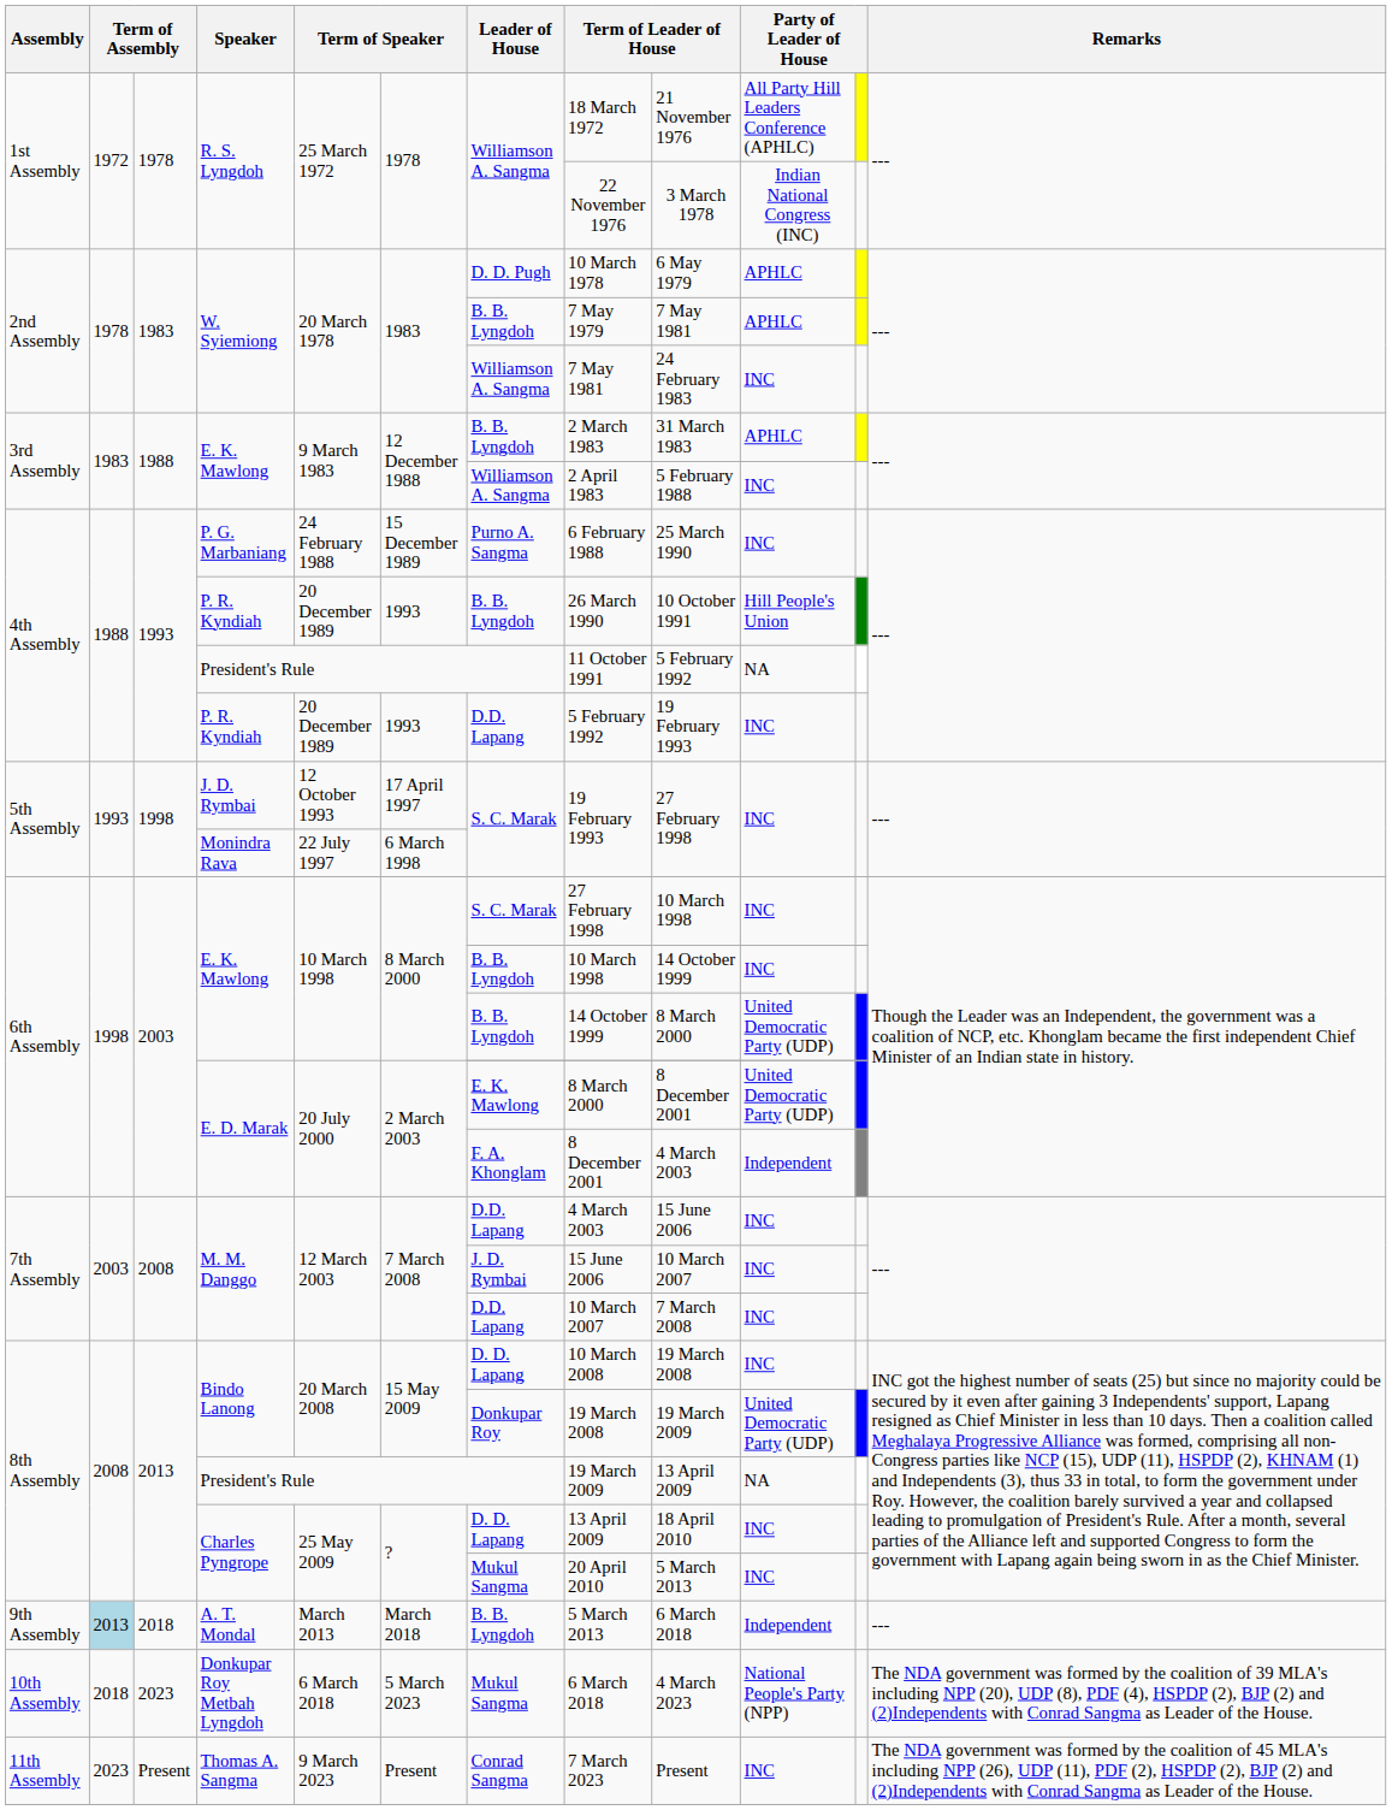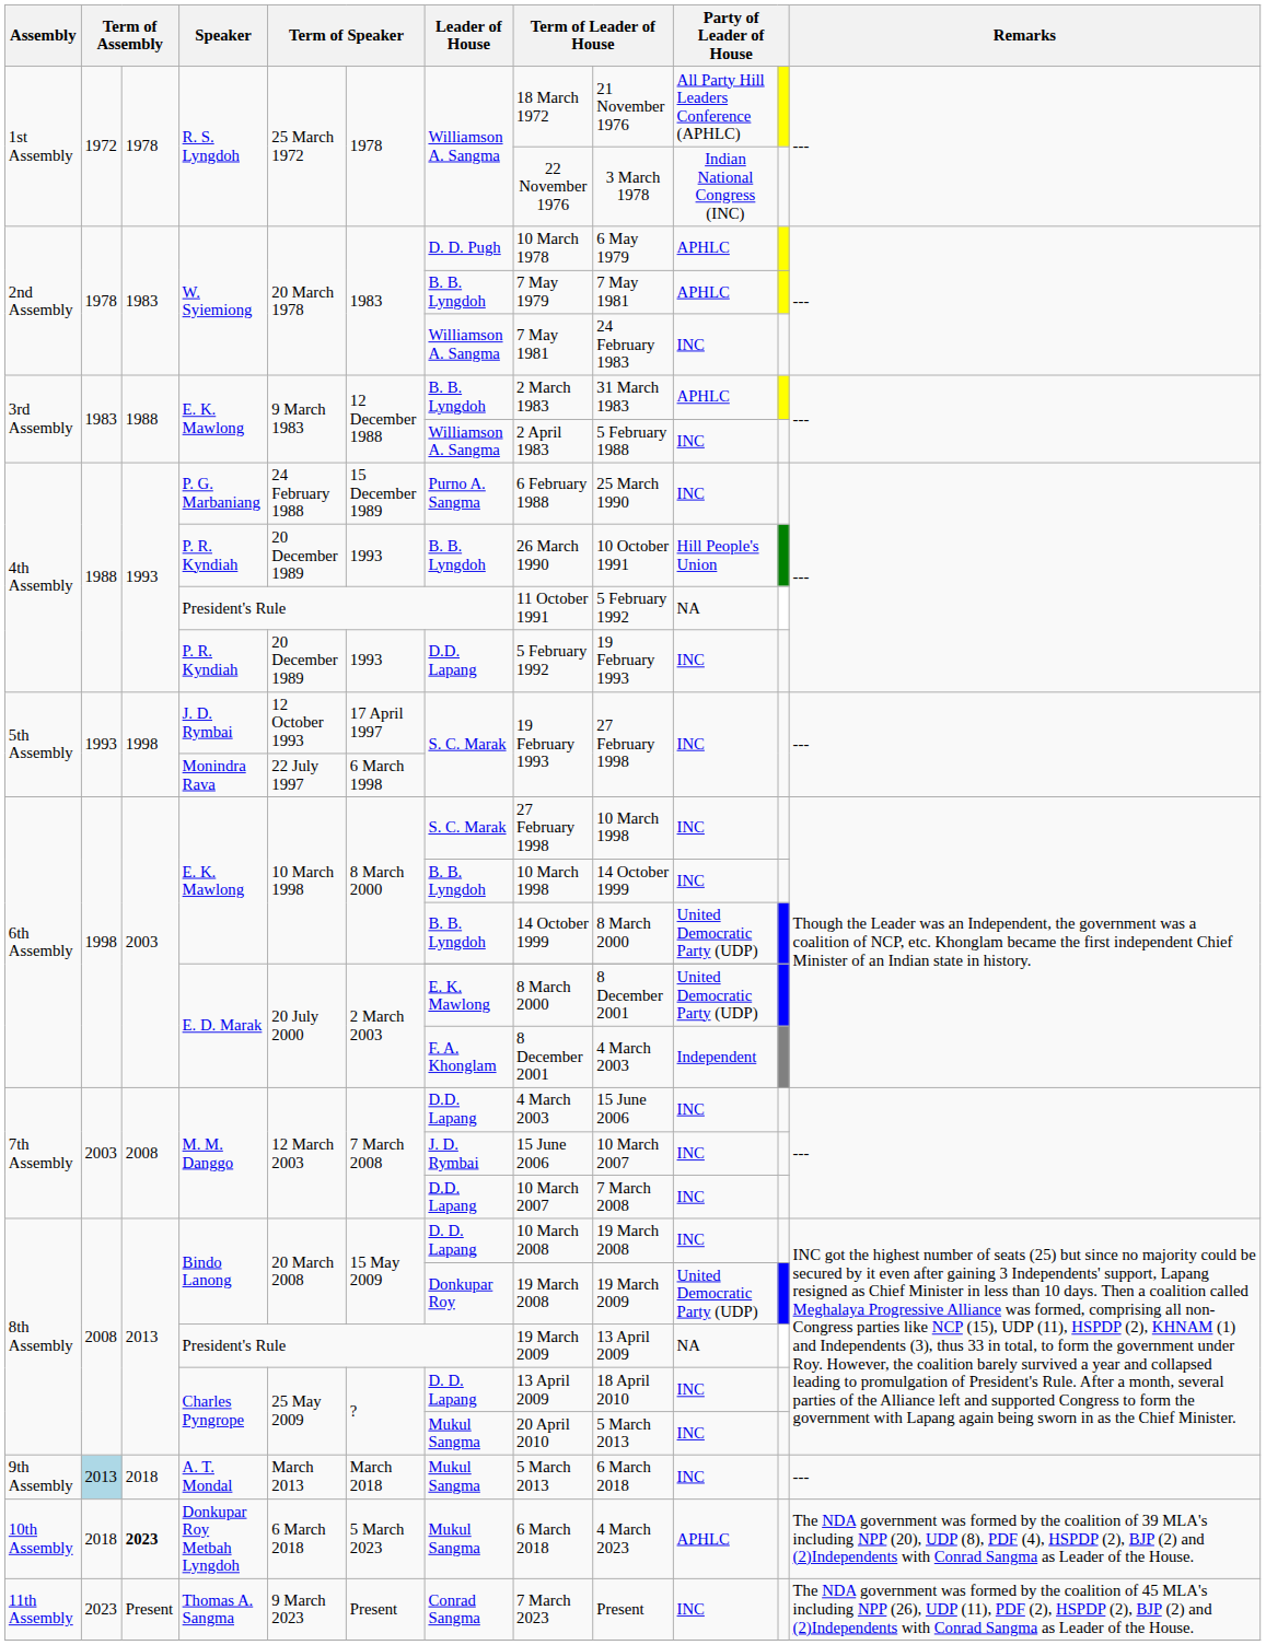 <table class="wikitable">
 <tr>
 <th>Assembly</th>
 <th colspan=2 align=center>Term of Assembly</th>
 <th>Speaker</th>
 <th colspan=2 align=center>Term of Speaker</th>
 <th>Leader of House <br> </th>
 <th colspan=2 align=center>Term of Leader of House</th>
 <th colspan=2 align=center>Party of Leader of House</th>
 <th>Remarks</th>
 </tr>
 <tr>
 <td rowspan=2>1st Assembly</td>
 <td rowspan=2>1972</td>
 <td rowspan=2>1978</td>
 <td rowspan=2><a href='#'>R. S. Lyngdoh</a></td>
 <td rowspan=2>25 March 1972</td>
 <td rowspan=2>1978</td>
 <td rowspan=2><a href='#'>Williamson A. Sangma</a></td>
 <td>18 March 1972</td>
 <td>21 November 1976</td>
 <td><a href='#'>All Party Hill Leaders Conference</a> (APHLC)</td>
 <td width="4px" style="background-color: yellow"></td>
 <td rowspan=2>---</td>
 </tr>
 <tr align=center style="height: 60px;">
 <td>22 November 1976</td>
 <td>3 March 1978</td>
 <td><a href='#'>Indian National Congress</a> (INC)</td>
 <td width="4px" style="background-color: "></td>
 </tr>
 <tr>
 <td rowspan=3>2nd Assembly</td>
 <td rowspan=3>1978</td>
 <td rowspan=3>1983</td>
 <td rowspan=3><a href='#'>W. Syiemiong</a></td>
 <td rowspan=3>20 March 1978</td>
 <td rowspan=3>1983</td>
 <td><a href='#'>D. D. Pugh</a></td>
 <td>10 March 1978</td>
 <td>6 May 1979</td>
 <td><a href='#'>APHLC</a></td>
 <td width="4px" style="background-color: yellow"></td>
 <td rowspan=3>---</td>
 </tr>
 <tr>
 <td><a href='#'>B. B. Lyngdoh</a></td>
 <td>7 May 1979</td>
 <td>7 May 1981</td>
 <td><a href='#'>APHLC</a></td>
 <td width="4px" style="background-color: yellow"></td>
 </tr>
 <tr>
 <td><a href='#'>Williamson A. Sangma</a></td>
 <td>7 May 1981</td>
 <td>24 February 1983</td>
 <td><a href='#'>INC</a></td>
 <td width="4px" style="background-color: "></td>
 </tr>
 <tr>
 <td rowspan=2>3rd Assembly</td>
 <td rowspan=2>1983</td>
 <td rowspan=2>1988</td>
 <td rowspan=2><a href='#'>E. K. Mawlong</a></td>
 <td rowspan=2>9 March 1983</td>
 <td rowspan=2>12 December 1988</td>
 <td><a href='#'>B. B. Lyngdoh</a></td>
 <td>2 March 1983</td>
 <td>31 March 1983</td>
 <td><a href='#'>APHLC</a></td>
 <td width="4px" style="background-color: yellow"></td>
 <td rowspan=2>---</td>
 </tr>
 <tr>
 <td><a href='#'>Williamson A. Sangma</a></td>
 <td>2 April 1983</td>
 <td>5 February 1988</td>
 <td><a href='#'>INC</a></td>
 <td width="4px" style="background-color: "></td>
 </tr>
 <tr>
 <td rowspan=4>4th Assembly</td>
 <td rowspan=4>1988</td>
 <td rowspan=4>1993</td>
 <td><a href='#'>P. G. Marbaniang</a></td>
 <td>24 February 1988</td>
 <td>15 December 1989</td>
 <td><a href='#'>Purno A. Sangma</a></td>
 <td>6 February 1988</td>
 <td>25 March 1990</td>
 <td><a href='#'>INC</a></td>
 <td width="4px" style="background-color: "></td>
 <td rowspan=4>---</td>
 </tr>
 <tr>
 <td><a href='#'>P. R. Kyndiah</a></td>
 <td>20 December 1989</td>
 <td>1993</td>
 <td><a href='#'>B. B. Lyngdoh</a></td>
 <td>26 March 1990</td>
 <td>10 October 1991</td>
 <td><a href='#'>Hill People's Union</a></td>
 <td width="4px" style="background-color: green"></td>
 </tr>
 <tr>
 <td colspan=4>President's Rule</td>
 <td>11 October 1991</td>
 <td>5 February 1992</td>
 <td>NA</td>
 <td width="4px" style="background-color: white"></td>
 </tr>
 <tr>
 <td><a href='#'>P. R. Kyndiah</a></td>
 <td>20 December 1989</td>
 <td>1993</td>
 <td><a href='#'>D.D. Lapang</a></td>
 <td>5 February 1992</td>
 <td>19 February 1993</td>
 <td><a href='#'>INC</a></td>
 <td width="4px" style="background-color: "></td>
 </tr>
 <tr>
 <td rowspan=2>5th Assembly</td>
 <td rowspan=2>1993</td>
 <td rowspan=2>1998</td>
 <td><a href='#'>J. D. Rymbai</a></td>
 <td>12 October 1993</td>
 <td>17 April 1997</td>
 <td rowspan=2><a href='#'>S. C. Marak</a></td>
 <td rowspan=2>19 February 1993</td>
 <td rowspan=2>27 February 1998</td>
 <td rowspan=2><a href='#'>INC</a></td>
 <td rowspan=2 width="4px" style="background-color: "></td>
 <td rowspan=2>---</td>
 </tr>
 <tr>
 <td><a href='#'>Monindra Rava</a></td>
 <td>22 July 1997</td>
 <td>6 March 1998</td>
 </tr>
 <tr>
 <td rowspan=6>6th Assembly</td>
 <td rowspan=6>1998</td>
 <td rowspan=6>2003</td>
 <td rowspan=3><a href='#'>E. K. Mawlong</a></td>
 <td rowspan=3>10 March 1998</td>
 <td rowspan=3>8 March 2000</td>
 <td><a href='#'>S. C. Marak</a></td>
 <td>27 February 1998</td>
 <td>10 March 1998</td>
 <td><a href='#'>INC</a></td>
 <td width="4px" style="background-color: "></td>
 <td rowspan=6>Though the Leader was an Independent, the government was a coalition of NCP, etc. Khonglam became the first independent Chief Minister of an Indian state in history.</td>
 </tr>
 <tr>
 <td><a href='#'>B. B. Lyngdoh</a></td>
 <td>10 March 1998</td>
 <td>14 October 1999</td>
 <td><a href='#'>INC</a></td>
 <td width="4px" style="background-color: "></td>
 </tr>
 <tr>
 <td><a href='#'>B. B. Lyngdoh</a></td>
 <td>14 October 1999</td>
 <td>8 March 2000</td>
 <td><a href='#'>United Democratic Party</a> (UDP)</td>
 <td width="4px" style="background-color: blue"></td>
 </tr>
 <tr>
 <td rowspan=3><a href='#'>E. D. Marak</a></td>
 <td rowspan=3>20 July 2000</td>
 <td rowspan=3>2 March 2003</td>
 </tr>
 <tr>
 <td><a href='#'>E. K. Mawlong</a></td>
 <td>8 March 2000</td>
 <td>8 December 2001</td>
 <td><a href='#'>United Democratic Party</a> (UDP)</td>
 <td width="4px" style="background-color: blue"></td>
 </tr>
 <tr>
 <td><a href='#'>F. A. Khonglam</a></td>
 <td>8 December 2001</td>
 <td>4 March 2003</td>
 <td><a href='#'>Independent</a></td>
 <td width="4px" style="background-color: grey"></td>
 </tr>
 <tr>
 <td rowspan=3>7th Assembly</td>
 <td rowspan=3>2003</td>
 <td rowspan=3>2008</td>
 <td rowspan=3><a href='#'>M. M. Danggo</a></td>
 <td rowspan=3>12 March 2003</td>
 <td rowspan=3>7 March 2008</td>
 <td><a href='#'>D.D. Lapang</a></td>
 <td>4 March 2003</td>
 <td>15 June 2006</td>
 <td><a href='#'>INC</a></td>
 <td width="4px" style="background-color: "></td>
 <td rowspan=3>---</td>
 </tr>
 <tr>
 <td><a href='#'>J. D. Rymbai</a></td>
 <td>15 June 2006</td>
 <td>10 March 2007</td>
 <td><a href='#'>INC</a></td>
 <td width="4px" style="background-color: "></td>
 </tr>
 <tr>
 <td><a href='#'>D.D. Lapang</a></td>
 <td>10 March 2007</td>
 <td>7 March 2008</td>
 <td><a href='#'>INC</a></td>
 <td width="4px" style="background-color: "></td>
 </tr>
 <tr>
 <td rowspan=5>8th Assembly</td>
 <td rowspan=5>2008</td>
 <td rowspan=5>2013</td>
 <td rowspan=2><a href='#'>Bindo Lanong</a></td>
 <td rowspan=2>20 March 2008</td>
 <td rowspan=2>15 May 2009</td>
 <td><a href='#'>D. D. Lapang</a></td>
 <td>10 March 2008</td>
 <td>19 March 2008</td>
 <td><a href='#'>INC</a></td>
 <td width="4px" style="background-color: "></td>
 <td rowspan=5>INC got the highest number of seats (25) but since no majority could be secured by it even after gaining 3 Independents' support, Lapang resigned as Chief Minister in less than 10 days. Then a coalition called <a href='#'>Meghalaya Progressive Alliance</a> was formed, comprising all non-Congress parties like <a href='#'>NCP</a> (15), UDP (11), <a href='#'>HSPDP</a> (2), <a href='#'>KHNAM</a> (1) and Independents (3), thus 33 in total, to form the government under Roy. However, the coalition barely survived a year and collapsed leading to promulgation of President's Rule. After a month, several parties of the Alliance left and supported Congress to form the government with Lapang again being sworn in as the Chief Minister.</td>
 </tr>
 <tr>
 <td><a href='#'>Donkupar Roy</a></td>
 <td>19 March 2008</td>
 <td>19 March 2009</td>
 <td><a href='#'>United Democratic Party</a> (UDP)</td>
 <td width="4px" style="background-color: blue"></td>
 </tr>
 <tr>
 <td colspan=4>President's Rule</td>
 <td>19 March 2009</td>
 <td>13 April 2009</td>
 <td>NA</td>
 <td width="4px" style="background-color: white"></td>
 </tr>
 <tr>
 <td rowspan=2><a href='#'>Charles Pyngrope</a></td>
 <td rowspan=2>25 May 2009</td>
 <td rowspan=2>?</td>
 <td><a href='#'>D. D. Lapang</a></td>
 <td>13 April 2009</td>
 <td>18 April 2010</td>
 <td><a href='#'>INC</a></td>
 <td width="4px" style="background-color: "></td>
 </tr>
 <tr>
 <td><a href='#'>Mukul Sangma</a></td>
 <td>20 April 2010</td>
 <td>5 March 2013</td>
 <td><a href='#'>INC</a></td>
 <td width="4px" style="background-color: "></td>
 </tr>
 <tr>
 <td>9th Assembly</td>
 <td style="background: lightblue;">2013</td>
 <td>2018</td>
 <td><a href='#'>A. T. Mondal</a></td>
 <td>March 2013</td>
 <td>March 2018</td>
-<td><a href='#'>B. B. Lyngdoh</a></td>
+<td><a href='#'>Mukul Sangma</a></td>
 <td>5 March 2013</td>
 <td>6 March 2018</td>
-<td><a href='#'>Independent</a></td>
+<td><a href='#'>INC</a></td>
 <td width="4px" style="background-color: "></td>
 <td>---</td>
 </tr>
 <tr>
 <td><a href='#'>10th Assembly</a></td>
 <td>2018</td>
-<td>2023</td>
+<td><strong>2023</strong></td>
 <td><a href='#'>Donkupar Roy</a><br><a href='#'>Metbah Lyngdoh</a></td>
 <td>6 March 2018</td>
 <td>5 March 2023</td>
 <td><a href='#'>Mukul Sangma</a></td>
 <td>6 March 2018</td>
 <td>4 March 2023</td>
-<td><a href='#'>National People's Party</a> (NPP)</td>
+<td><a href='#'>APHLC</a></td>
 <td width="4px" style="background-color: "></td>
 <td>The <a href='#'>NDA</a> government was formed by the coalition of 39 MLA's including <a href='#'>NPP</a> (20), <a href='#'>UDP</a> (8), <a href='#'>PDF</a> (4), <a href='#'>HSPDP</a> (2), <a href='#'>BJP</a> (2) and <a href='#'>(2)Independents</a> with <a href='#'>Conrad Sangma</a> as Leader of the House.</td>
 </tr>
 <tr>
 <td><a href='#'>11th Assembly</a></td>
 <td>2023</td>
 <td>Present</td>
 <td><a href='#'>Thomas A. Sangma</a></td>
 <td>9 March 2023</td>
 <td>Present</td>
 <td><a href='#'>Conrad Sangma</a></td>
 <td>7 March 2023</td>
 <td>Present</td>
 <td><a href='#'>INC</a></td>
 <td width="4px" style="background-color: "></td>
 <td>The <a href='#'>NDA</a> government was formed by the coalition of 45 MLA's including <a href='#'>NPP</a> (26), <a href='#'>UDP</a> (11), <a href='#'>PDF</a> (2), <a href='#'>HSPDP</a> (2), <a href='#'>BJP</a> (2) and <a href='#'>(2)Independents</a> with <a href='#'>Conrad Sangma</a> as Leader of the House.</td>
 </tr>
 <tr>
 </tr>
 </table>
